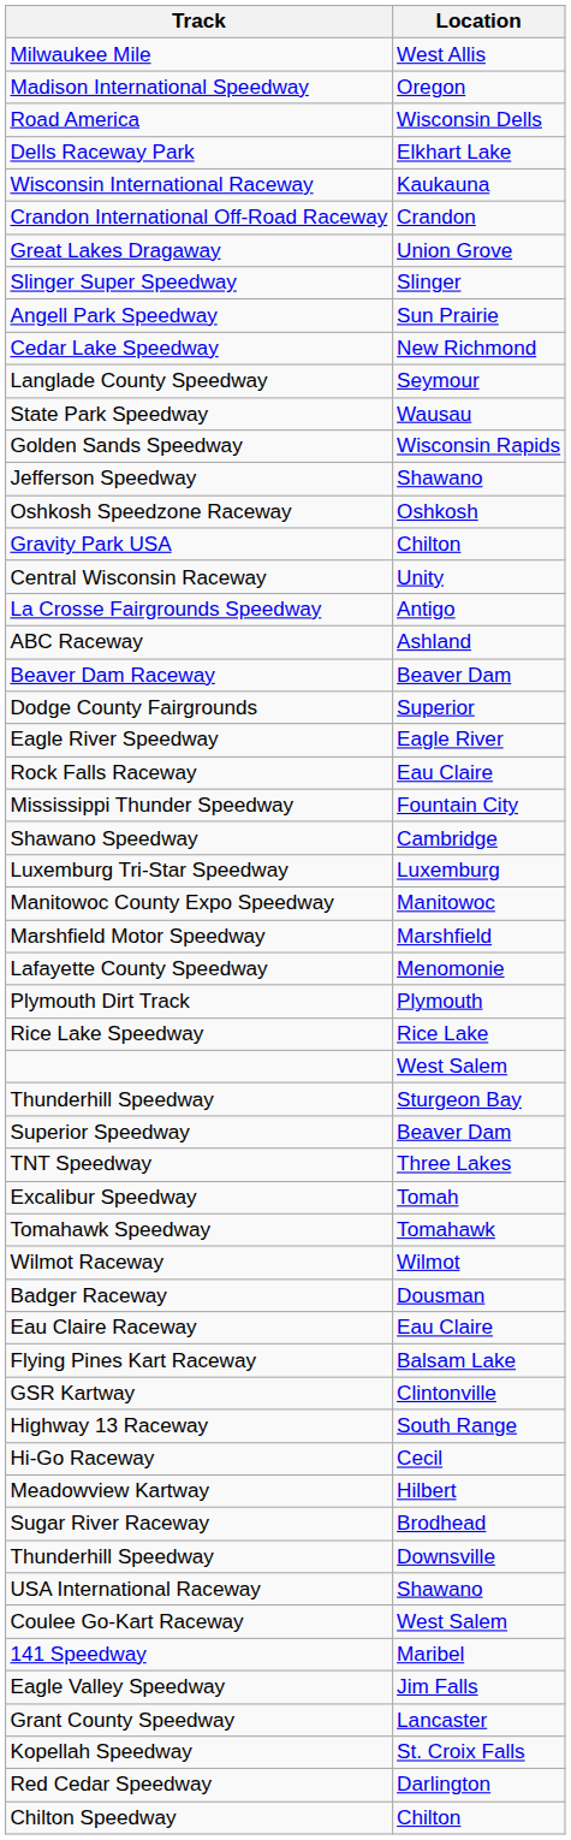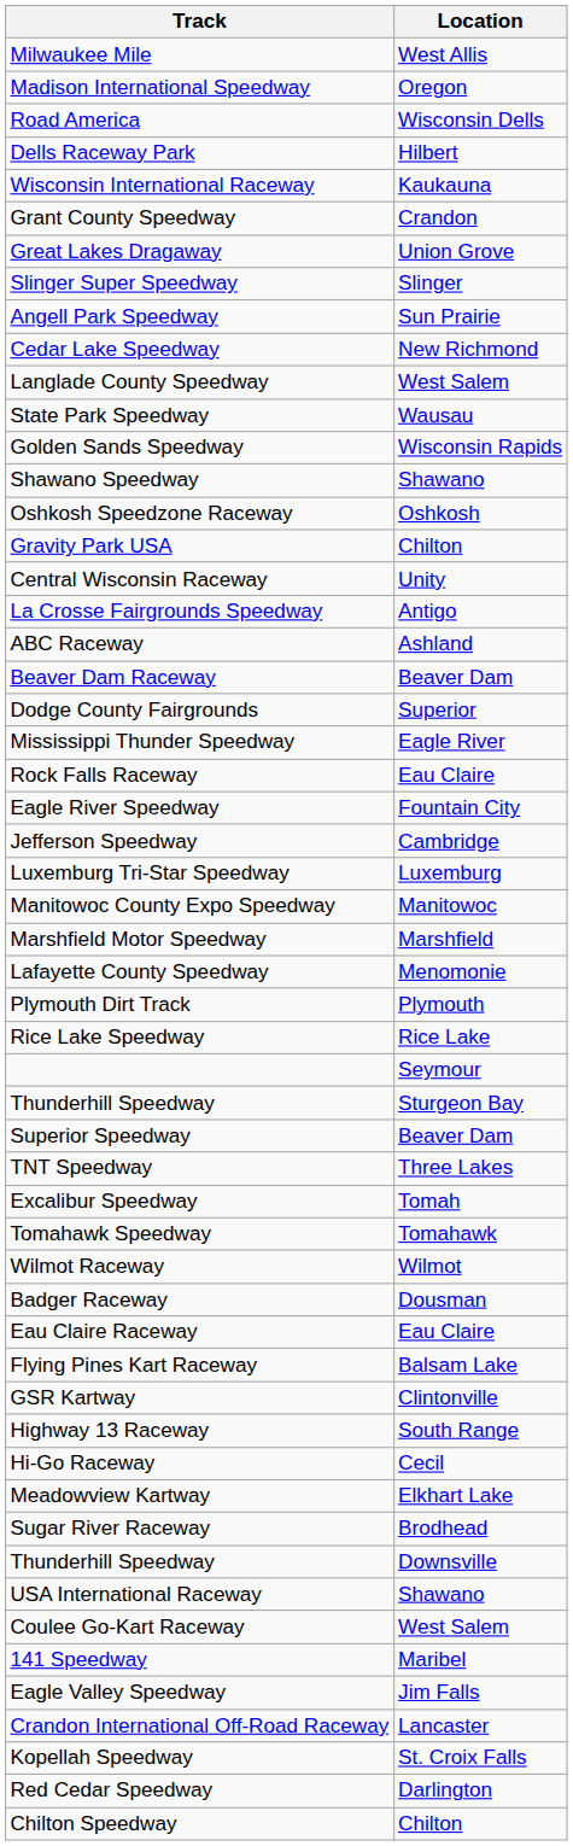 <table class="wikitable sortable">
 <tr>
 <th>Track</th>
 <th>Location</th>
 </tr>
 <tr>
 <td><a href='#'>Milwaukee Mile</a></td>
 <td><a href='#'>West Allis</a></td>
 </tr>
 <tr>
 <td><a href='#'>Madison International Speedway</a></td>
 <td><a href='#'>Oregon</a></td>
 </tr>
 <tr>
 <td><a href='#'>Road America</a></td>
 <td><a href='#'>Wisconsin Dells</a></td>
 </tr>
 <tr>
 <td><a href='#'>Dells Raceway Park</a></td>
-<td><a href='#'>Elkhart Lake</a></td>
+<td><a href='#'>Hilbert</a></td>
 </tr>
 <tr>
 <td><a href='#'>Wisconsin International Raceway</a></td>
 <td><a href='#'>Kaukauna</a></td>
 </tr>
 <tr>
-<td><a href='#'>Crandon International Off-Road Raceway</a></td>
+<td>Grant County Speedway</td>
 <td><a href='#'>Crandon</a></td>
 </tr>
 <tr>
 <td><a href='#'>Great Lakes Dragaway</a></td>
 <td><a href='#'>Union Grove</a></td>
 </tr>
 <tr>
 <td><a href='#'>Slinger Super Speedway</a></td>
 <td><a href='#'>Slinger</a></td>
 </tr>
 <tr>
 <td><a href='#'>Angell Park Speedway</a></td>
 <td><a href='#'>Sun Prairie</a></td>
 </tr>
 <tr>
 <td><a href='#'>Cedar Lake Speedway</a></td>
 <td><a href='#'>New Richmond</a></td>
 </tr>
 <tr>
 <td>Langlade County Speedway</td>
-<td><a href='#'>Seymour</a></td>
+<td><a href='#'>West Salem</a></td>
 </tr>
 <tr>
 <td>State Park Speedway</td>
 <td><a href='#'>Wausau</a></td>
 </tr>
 <tr>
 <td>Golden Sands Speedway</td>
 <td><a href='#'>Wisconsin Rapids</a></td>
 </tr>
 <tr>
-<td>Jefferson Speedway</td>
+<td>Shawano Speedway</td>
 <td><a href='#'>Shawano</a></td>
 </tr>
 <tr>
 <td>Oshkosh Speedzone Raceway</td>
 <td><a href='#'>Oshkosh</a></td>
 </tr>
 <tr>
 <td><a href='#'>Gravity Park USA</a></td>
 <td><a href='#'>Chilton</a></td>
 </tr>
 <tr>
 <td>Central Wisconsin Raceway</td>
 <td><a href='#'>Unity</a></td>
 </tr>
 <tr>
 <td><a href='#'>La Crosse Fairgrounds Speedway</a></td>
 <td><a href='#'>Antigo</a></td>
 </tr>
 <tr>
 <td>ABC Raceway</td>
 <td><a href='#'>Ashland</a></td>
 </tr>
 <tr>
 <td><a href='#'>Beaver Dam Raceway</a></td>
 <td><a href='#'>Beaver Dam</a></td>
 </tr>
 <tr>
 <td>Dodge County Fairgrounds</td>
 <td><a href='#'>Superior</a></td>
 </tr>
 <tr>
-<td>Eagle River Speedway</td>
+<td>Mississippi Thunder Speedway</td>
 <td><a href='#'>Eagle River</a></td>
 </tr>
 <tr>
 <td>Rock Falls Raceway</td>
 <td><a href='#'>Eau Claire</a></td>
 </tr>
 <tr>
-<td>Mississippi Thunder Speedway</td>
+<td>Eagle River Speedway</td>
 <td><a href='#'>Fountain City</a></td>
 </tr>
 <tr>
-<td>Shawano Speedway</td>
+<td>Jefferson Speedway</td>
 <td><a href='#'>Cambridge</a></td>
 </tr>
 <tr>
 <td>Luxemburg Tri-Star Speedway</td>
 <td><a href='#'>Luxemburg</a></td>
 </tr>
 <tr>
 <td>Manitowoc County Expo Speedway</td>
 <td><a href='#'>Manitowoc</a></td>
 </tr>
 <tr>
 <td>Marshfield Motor Speedway</td>
 <td><a href='#'>Marshfield</a></td>
 </tr>
 <tr>
 <td>Lafayette County Speedway</td>
 <td><a href='#'>Menomonie</a></td>
 </tr>
 <tr>
 <td>Plymouth Dirt Track</td>
 <td><a href='#'>Plymouth</a></td>
 </tr>
 <tr>
 <td>Rice Lake Speedway</td>
 <td><a href='#'>Rice Lake</a></td>
 </tr>
 <tr>
 <td></td>
-<td><a href='#'>West Salem</a></td>
+<td><a href='#'>Seymour</a></td>
 </tr>
 <tr>
 <td>Thunderhill Speedway</td>
 <td><a href='#'>Sturgeon Bay</a></td>
 </tr>
 <tr>
 <td>Superior Speedway</td>
 <td><a href='#'>Beaver Dam</a></td>
 </tr>
 <tr>
 <td>TNT Speedway</td>
 <td><a href='#'>Three Lakes</a></td>
 </tr>
 <tr>
 <td>Excalibur Speedway</td>
 <td><a href='#'>Tomah</a></td>
 </tr>
 <tr>
 <td>Tomahawk Speedway</td>
 <td><a href='#'>Tomahawk</a></td>
 </tr>
 <tr>
 <td>Wilmot Raceway</td>
 <td><a href='#'>Wilmot</a></td>
 </tr>
 <tr>
 <td>Badger Raceway</td>
 <td><a href='#'>Dousman</a></td>
 </tr>
 <tr>
 <td>Eau Claire Raceway</td>
 <td><a href='#'>Eau Claire</a></td>
 </tr>
 <tr>
 <td>Flying Pines Kart Raceway</td>
 <td><a href='#'>Balsam Lake</a></td>
 </tr>
 <tr>
 <td>GSR Kartway</td>
 <td><a href='#'>Clintonville</a></td>
 </tr>
 <tr>
 <td>Highway 13 Raceway</td>
 <td><a href='#'>South Range</a></td>
 </tr>
 <tr>
 <td>Hi-Go Raceway</td>
 <td><a href='#'>Cecil</a></td>
 </tr>
 <tr>
 <td>Meadowview Kartway</td>
-<td><a href='#'>Hilbert</a></td>
+<td><a href='#'>Elkhart Lake</a></td>
 </tr>
 <tr>
 <td>Sugar River Raceway</td>
 <td><a href='#'>Brodhead</a></td>
 </tr>
 <tr>
 <td>Thunderhill Speedway</td>
 <td><a href='#'>Downsville</a></td>
 </tr>
 <tr>
 <td>USA International Raceway</td>
 <td><a href='#'>Shawano</a></td>
 </tr>
 <tr>
 <td>Coulee Go-Kart Raceway</td>
 <td><a href='#'>West Salem</a></td>
 </tr>
 <tr>
 <td><a href='#'>141 Speedway</a></td>
 <td><a href='#'>Maribel</a></td>
 </tr>
 <tr>
 <td>Eagle Valley Speedway</td>
 <td><a href='#'>Jim Falls</a></td>
 </tr>
 <tr>
-<td>Grant County Speedway</td>
+<td><a href='#'>Crandon International Off-Road Raceway</a></td>
 <td><a href='#'>Lancaster</a></td>
 </tr>
 <tr>
 <td>Kopellah Speedway</td>
 <td><a href='#'>St. Croix Falls</a></td>
 </tr>
 <tr>
 <td>Red Cedar Speedway</td>
 <td><a href='#'>Darlington</a></td>
 </tr>
 <tr>
 <td>Chilton Speedway</td>
 <td><a href='#'>Chilton</a></td>
 </tr>
 </table>
